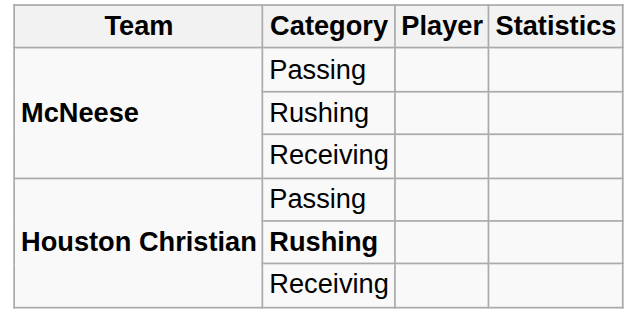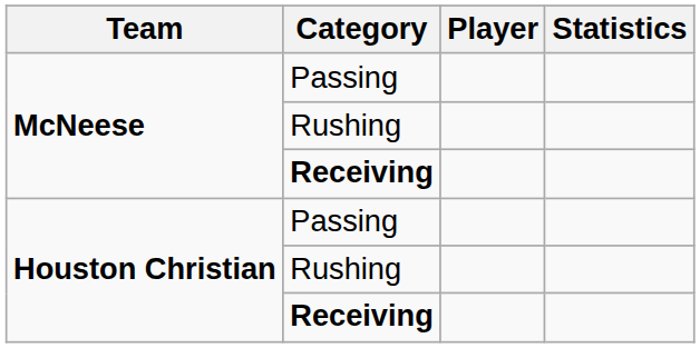 <table class="wikitable" style="float: right;">
 <tr>
 <th>Team</th>
 <th>Category</th>
 <th>Player</th>
 <th>Statistics</th>
 </tr>
 <tr>
 <td rowspan=3><strong>McNeese</strong></td>
 <td>Passing</td>
 <td></td>
 <td></td>
 </tr>
 <tr>
 <td>Rushing</td>
 <td></td>
 <td></td>
 </tr>
 <tr>
-<td>Receiving</td>
+<td><strong>Receiving</strong></td>
 <td></td>
 <td></td>
 </tr>
 <tr>
 <td rowspan=3><strong>Houston Christian</strong></td>
 <td>Passing</td>
 <td></td>
 <td></td>
 </tr>
 <tr>
-<td><strong>Rushing</strong></td>
+<td>Rushing</td>
 <td></td>
 <td></td>
 </tr>
 <tr>
-<td>Receiving</td>
+<td><strong>Receiving</strong></td>
 <td></td>
 <td></td>
 </tr>
 </table>
